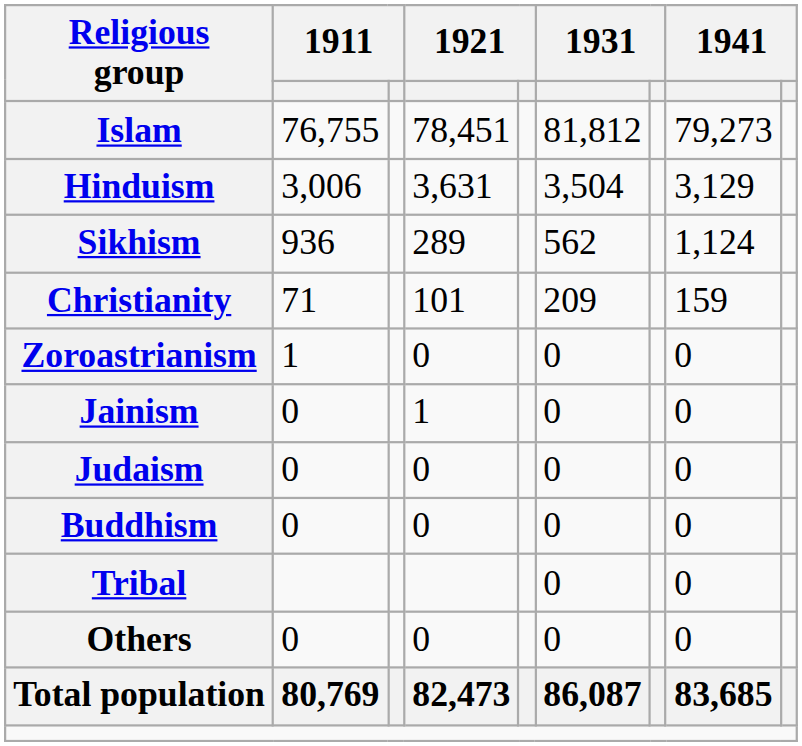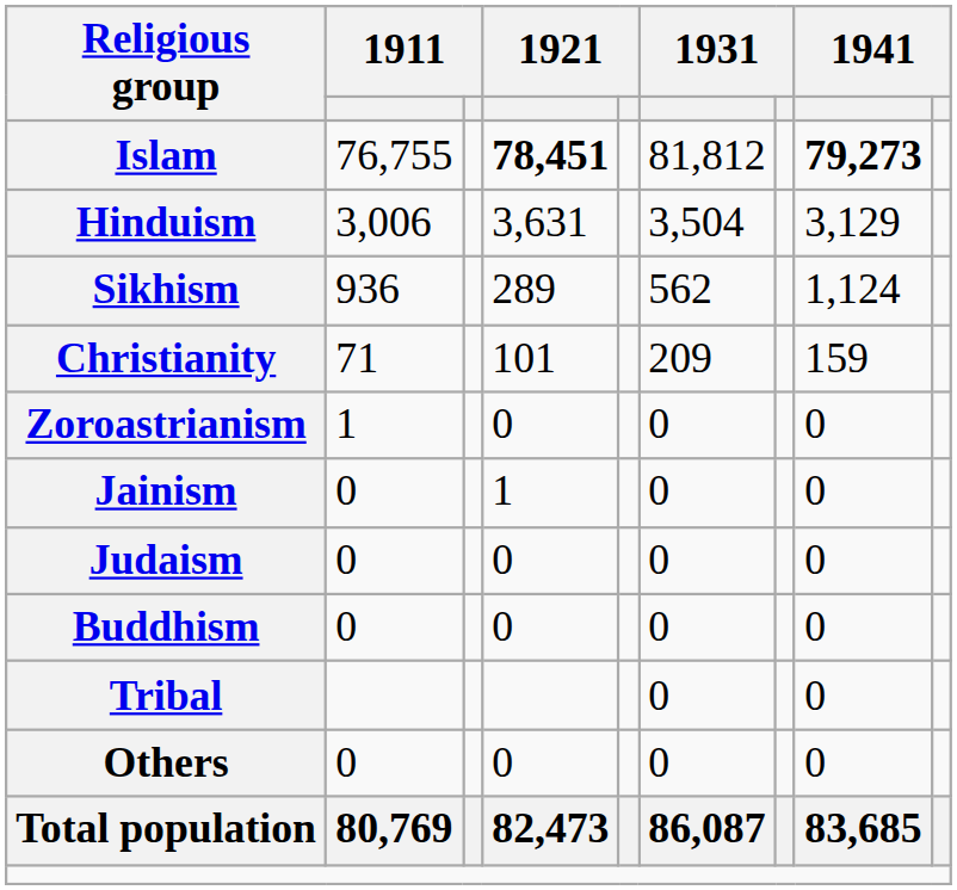 <table class="wikitable sortable">
 <tr>
 <th rowspan="2"><a href='#'>Religious</a><br>group</th>
 <th colspan="2">1911</th>
 <th colspan="2">1921</th>
 <th colspan="2">1931</th>
 <th colspan="2">1941</th>
 </tr>
 <tr>
 <th><a href='#'></a></th>
 <th></th>
 <th></th>
 <th></th>
 <th></th>
 <th></th>
 <th></th>
 <th></th>
 </tr>
 <tr>
 <th><a href='#'>Islam</a> </th>
 <td>76,755</td>
 <td></td>
-<td>78,451</td>
+<td><strong>78,451</strong></td>
 <td></td>
 <td>81,812</td>
 <td></td>
-<td>79,273</td>
+<td><strong>79,273</strong></td>
 <td></td>
 </tr>
 <tr>
 <th><a href='#'>Hinduism</a> </th>
 <td>3,006</td>
 <td></td>
 <td>3,631</td>
 <td></td>
 <td>3,504</td>
 <td></td>
 <td>3,129</td>
 <td></td>
 </tr>
 <tr>
 <th><a href='#'>Sikhism</a> </th>
 <td>936</td>
 <td></td>
 <td>289</td>
 <td></td>
 <td>562</td>
 <td></td>
 <td>1,124</td>
 <td></td>
 </tr>
 <tr>
 <th><a href='#'>Christianity</a> </th>
 <td>71</td>
 <td></td>
 <td>101</td>
 <td></td>
 <td>209</td>
 <td></td>
 <td>159</td>
 <td></td>
 </tr>
 <tr>
 <th><a href='#'>Zoroastrianism</a> </th>
 <td>1</td>
 <td></td>
 <td>0</td>
 <td></td>
 <td>0</td>
 <td></td>
 <td>0</td>
 <td></td>
 </tr>
 <tr>
 <th><a href='#'>Jainism</a> </th>
 <td>0</td>
 <td></td>
 <td>1</td>
 <td></td>
 <td>0</td>
 <td></td>
 <td>0</td>
 <td></td>
 </tr>
 <tr>
 <th><a href='#'>Judaism</a> </th>
 <td>0</td>
 <td></td>
 <td>0</td>
 <td></td>
 <td>0</td>
 <td></td>
 <td>0</td>
 <td></td>
 </tr>
 <tr>
 <th><a href='#'>Buddhism</a> </th>
 <td>0</td>
 <td></td>
 <td>0</td>
 <td></td>
 <td>0</td>
 <td></td>
 <td>0</td>
 <td></td>
 </tr>
 <tr>
 <th><a href='#'>Tribal</a></th>
 <td></td>
 <td></td>
 <td></td>
 <td></td>
 <td>0</td>
 <td></td>
 <td>0</td>
 <td></td>
 </tr>
 <tr>
 <th>Others</th>
 <td>0</td>
 <td></td>
 <td>0</td>
 <td></td>
 <td>0</td>
 <td></td>
 <td>0</td>
 <td></td>
 </tr>
 <tr>
 <th>Total population</th>
 <th>80,769</th>
 <th></th>
 <th>82,473</th>
 <th></th>
 <th>86,087</th>
 <th></th>
 <th>83,685</th>
 <th></th>
 </tr>
 <tr class="sortbottom">
 <td colspan="11"></td>
 </tr>
 </table>
